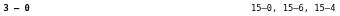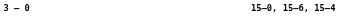 <table width=100% cellspacing=1>
 <tr>
 <th width=20%></th>
 <th width=12%></th>
 <th width=20%></th>
 <th width=33%></th>
 <td></td>
 </tr>
 <tr style=font-size:95%>
 <td align=right><strong></strong></td>
 <td align=center><strong>3 – 0</strong></td>
 <td></td>
-<td>15–0, 15–6, 15–4</td>
+<td><strong>15–0, 15–6, 15–4</strong></td>
 </tr>
 </table>
